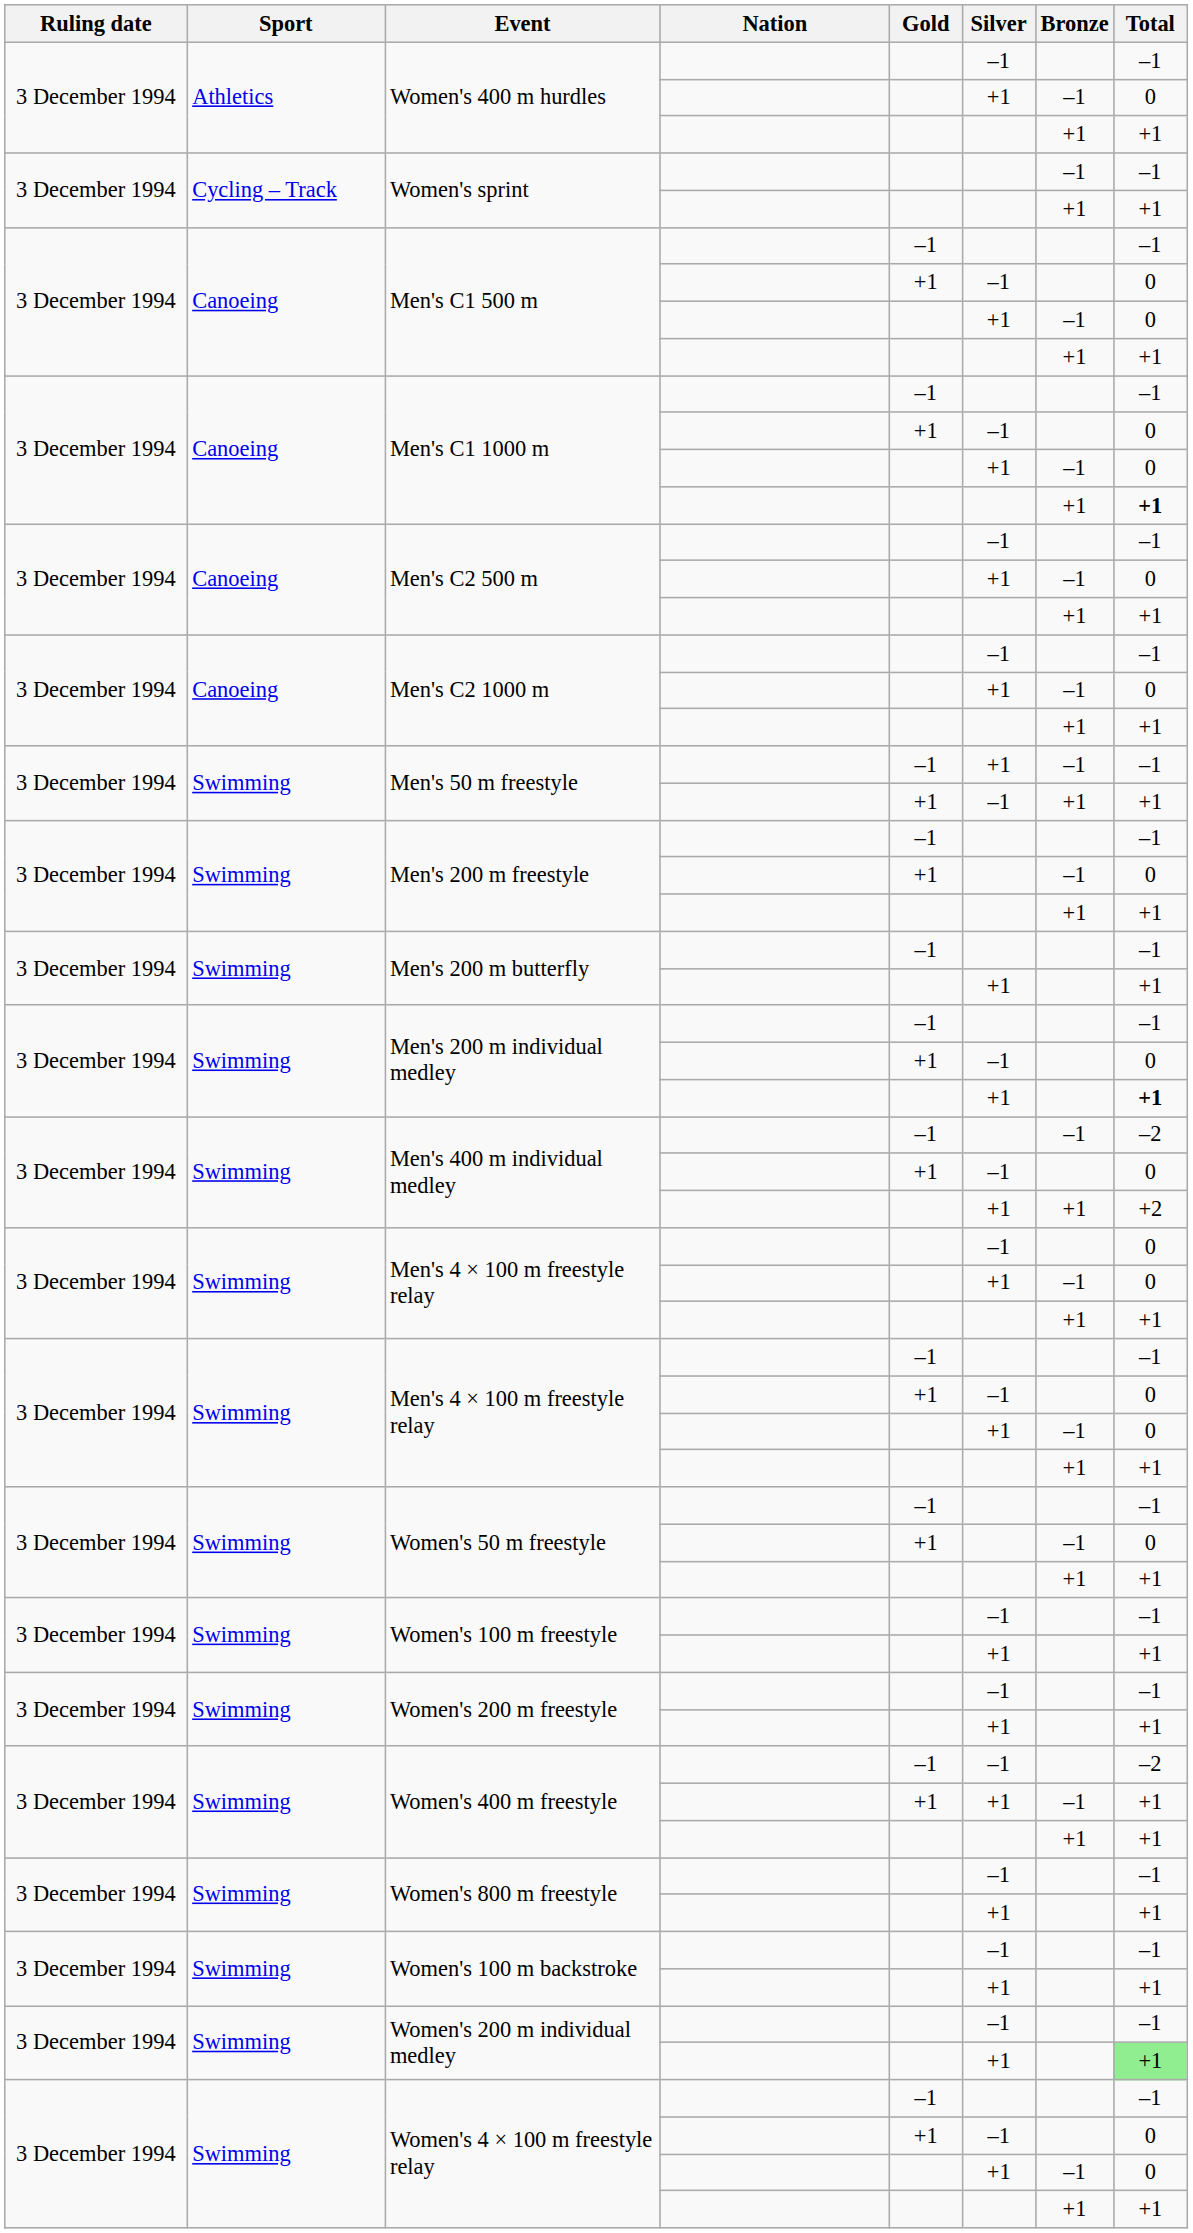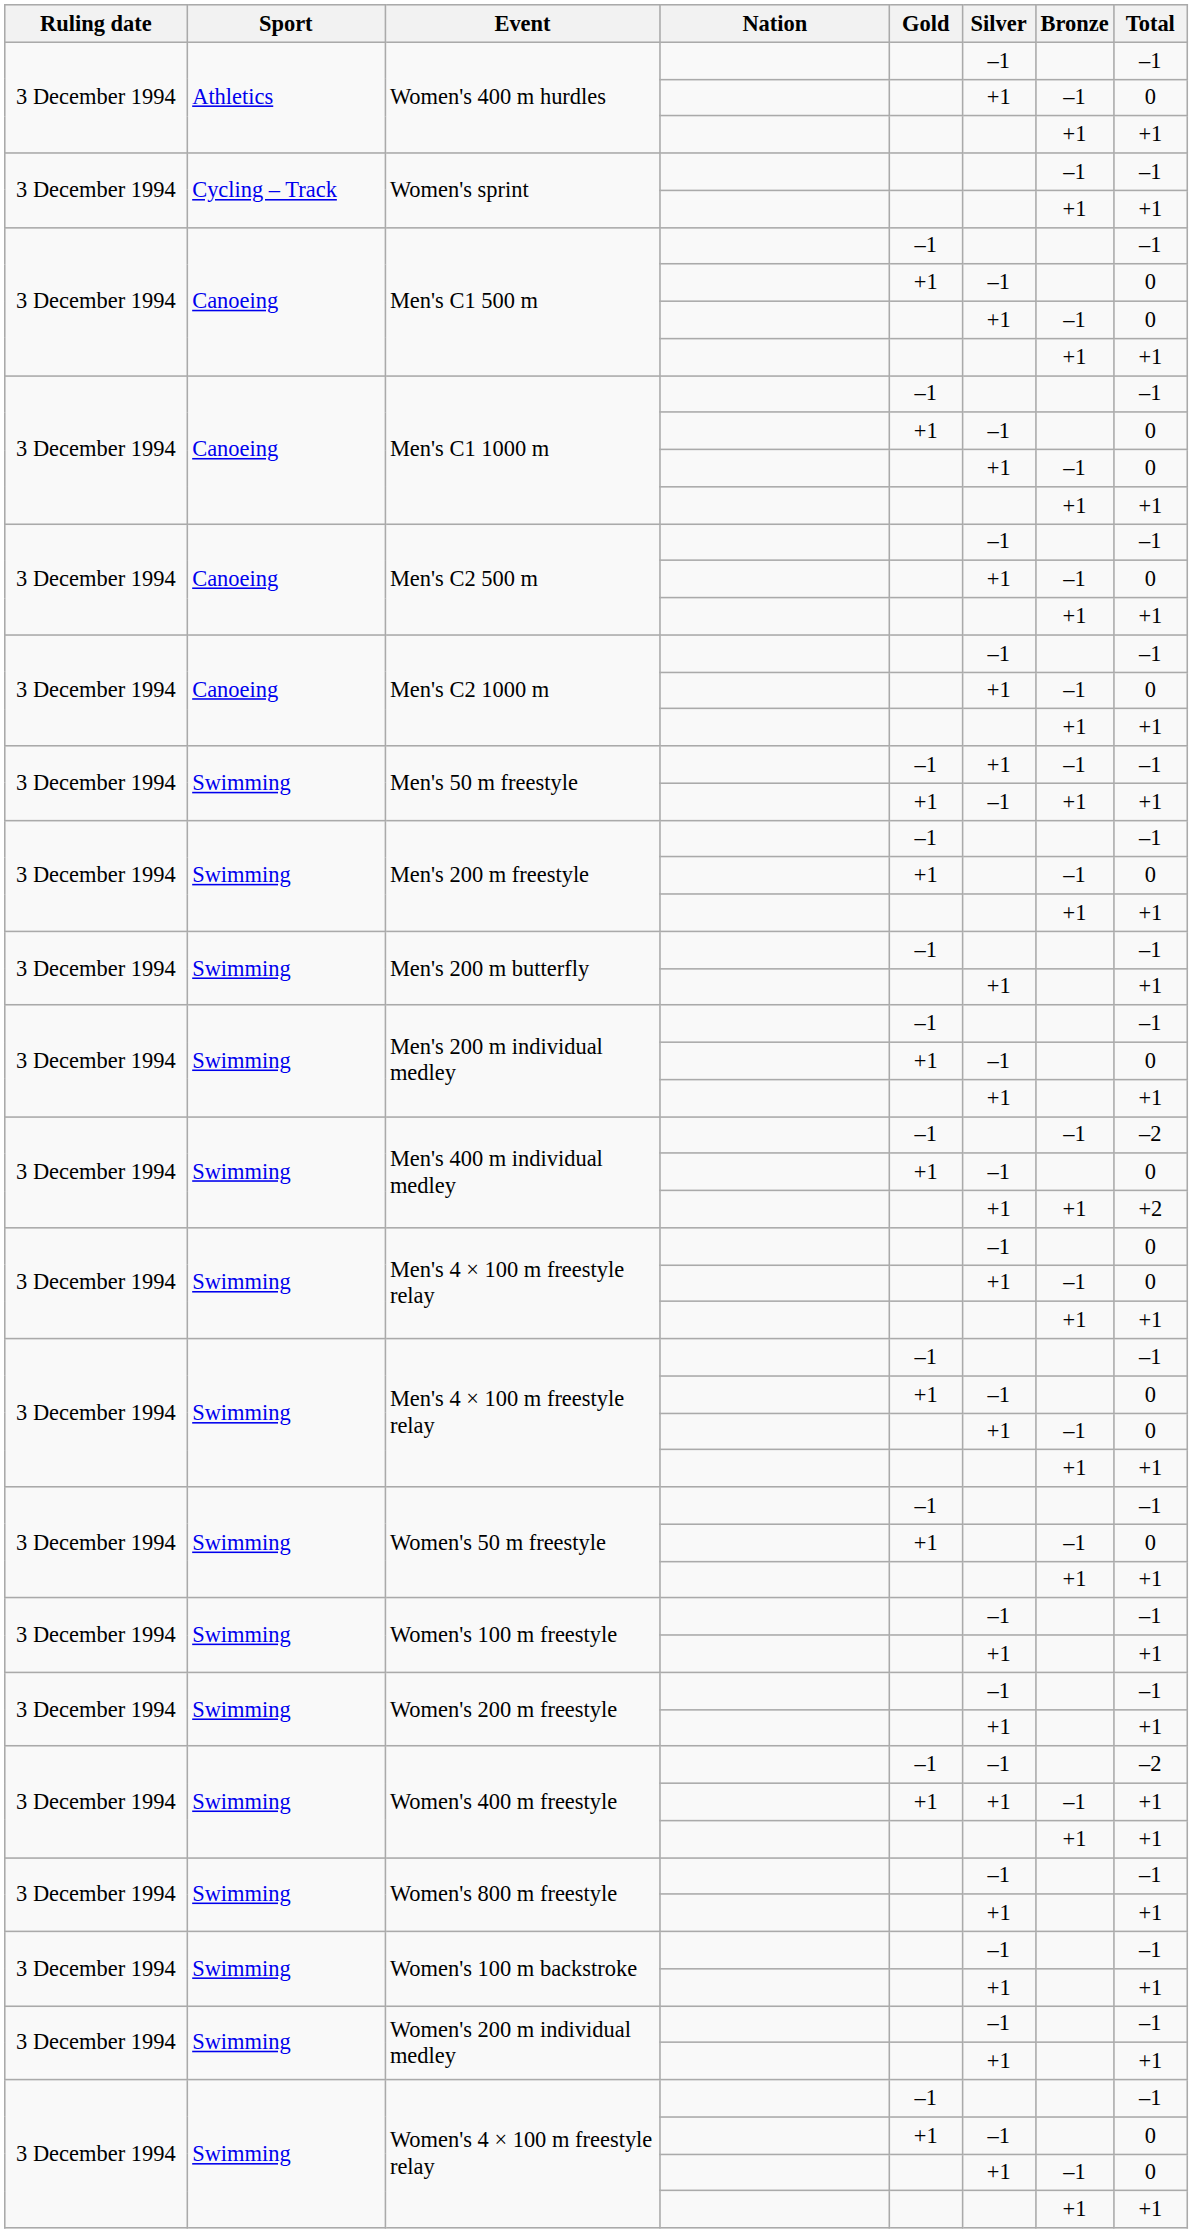 <table class="wikitable" style="text-align:center; font-size:90%;">
 <tr>
 <th scope="col" width="110">Ruling date</th>
 <th scope="col" width="120">Sport</th>
 <th scope="col" width="170">Event</th>
 <th scope="col" width="140">Nation</th>
 <th scope="col" width="40">Gold</th>
 <th scope="col" width="40">Silver</th>
 <th scope="col" width="40">Bronze</th>
 <th scope="col" width="40">Total</th>
 </tr>
 <tr>
 <td rowspan=3>3 December 1994</td>
 <td rowspan=3 align=left><a href='#'>Athletics</a></td>
 <td rowspan=3 align=left>Women's 400 m hurdles</td>
 <td align=left></td>
 <td></td>
 <td>–1</td>
 <td></td>
 <td>–1</td>
 </tr>
 <tr>
 <td align=left></td>
 <td></td>
 <td>+1</td>
 <td>–1</td>
 <td>0</td>
 </tr>
 <tr>
 <td align=left></td>
 <td></td>
 <td></td>
 <td>+1</td>
 <td>+1</td>
 </tr>
 <tr>
 <td rowspan=2>3 December 1994</td>
 <td rowspan=2 align=left><a href='#'>Cycling – Track</a></td>
 <td rowspan=2 align=left>Women's sprint</td>
 <td align=left></td>
 <td></td>
 <td></td>
 <td>–1</td>
 <td>–1</td>
 </tr>
 <tr>
 <td align=left></td>
 <td></td>
 <td></td>
 <td>+1</td>
 <td>+1</td>
 </tr>
 <tr>
 <td rowspan=4>3 December 1994</td>
 <td rowspan=4 align=left><a href='#'>Canoeing</a></td>
 <td rowspan=4 align=left>Men's C1 500 m</td>
 <td align=left></td>
 <td>–1</td>
 <td></td>
 <td></td>
 <td>–1</td>
 </tr>
 <tr>
 <td align=left></td>
 <td>+1</td>
 <td>–1</td>
 <td></td>
 <td>0</td>
 </tr>
 <tr>
 <td align=left></td>
 <td></td>
 <td>+1</td>
 <td>–1</td>
 <td>0</td>
 </tr>
 <tr>
 <td align=left></td>
 <td></td>
 <td></td>
 <td>+1</td>
 <td>+1</td>
 </tr>
 <tr>
 <td rowspan=4>3 December 1994</td>
 <td rowspan=4 align=left><a href='#'>Canoeing</a></td>
 <td rowspan=4 align=left>Men's C1 1000 m</td>
 <td align=left></td>
 <td>–1</td>
 <td></td>
 <td></td>
 <td>–1</td>
 </tr>
 <tr>
 <td align=left></td>
 <td>+1</td>
 <td>–1</td>
 <td></td>
 <td>0</td>
 </tr>
 <tr>
 <td align=left></td>
 <td></td>
 <td>+1</td>
 <td>–1</td>
 <td>0</td>
 </tr>
 <tr>
 <td align=left></td>
 <td></td>
 <td></td>
 <td>+1</td>
-<td><strong>+1</strong></td>
+<td>+1</td>
 </tr>
 <tr>
 <td rowspan=3>3 December 1994</td>
 <td rowspan=3 align=left><a href='#'>Canoeing</a></td>
 <td rowspan=3 align=left>Men's C2 500 m</td>
 <td align=left></td>
 <td></td>
 <td>–1</td>
 <td></td>
 <td>–1</td>
 </tr>
 <tr>
 <td align=left></td>
 <td></td>
 <td>+1</td>
 <td>–1</td>
 <td>0</td>
 </tr>
 <tr>
 <td align=left></td>
 <td></td>
 <td></td>
 <td>+1</td>
 <td>+1</td>
 </tr>
 <tr>
 <td rowspan=3>3 December 1994</td>
 <td rowspan=3 align=left><a href='#'>Canoeing</a></td>
 <td rowspan=3 align=left>Men's C2 1000 m</td>
 <td align=left></td>
 <td></td>
 <td>–1</td>
 <td></td>
 <td>–1</td>
 </tr>
 <tr>
 <td align=left></td>
 <td></td>
 <td>+1</td>
 <td>–1</td>
 <td>0</td>
 </tr>
 <tr>
 <td align=left></td>
 <td></td>
 <td></td>
 <td>+1</td>
 <td>+1</td>
 </tr>
 <tr>
 <td rowspan=2>3 December 1994</td>
 <td rowspan=2 align=left><a href='#'>Swimming</a></td>
 <td rowspan=2 align=left>Men's 50 m freestyle</td>
 <td align=left></td>
 <td>–1</td>
 <td>+1</td>
 <td>–1</td>
 <td>–1</td>
 </tr>
 <tr>
 <td align=left></td>
 <td>+1</td>
 <td>–1</td>
 <td>+1</td>
 <td>+1</td>
 </tr>
 <tr>
 <td rowspan=3>3 December 1994</td>
 <td rowspan=3 align=left><a href='#'>Swimming</a></td>
 <td rowspan=3 align=left>Men's 200 m freestyle</td>
 <td align=left></td>
 <td>–1</td>
 <td></td>
 <td></td>
 <td>–1</td>
 </tr>
 <tr>
 <td align=left></td>
 <td>+1</td>
 <td></td>
 <td>–1</td>
 <td>0</td>
 </tr>
 <tr>
 <td align=left></td>
 <td></td>
 <td></td>
 <td>+1</td>
 <td>+1</td>
 </tr>
 <tr>
 <td rowspan=2>3 December 1994</td>
 <td rowspan=2 align=left><a href='#'>Swimming</a></td>
 <td rowspan=2 align=left>Men's 200 m butterfly</td>
 <td align=left></td>
 <td>–1</td>
 <td></td>
 <td></td>
 <td>–1</td>
 </tr>
 <tr>
 <td align=left></td>
 <td></td>
 <td>+1</td>
 <td></td>
 <td>+1</td>
 </tr>
 <tr>
 <td rowspan=3>3 December 1994</td>
 <td rowspan=3 align=left><a href='#'>Swimming</a></td>
 <td rowspan=3 align=left>Men's 200 m individual medley</td>
 <td align=left></td>
 <td>–1</td>
 <td></td>
 <td></td>
 <td>–1</td>
 </tr>
 <tr>
 <td align=left></td>
 <td>+1</td>
 <td>–1</td>
 <td></td>
 <td>0</td>
 </tr>
 <tr>
 <td align=left></td>
 <td></td>
 <td>+1</td>
 <td></td>
-<td><strong>+1</strong></td>
+<td>+1</td>
 </tr>
 <tr>
 <td rowspan=3>3 December 1994</td>
 <td rowspan=3 align=left><a href='#'>Swimming</a></td>
 <td rowspan=3 align=left>Men's 400 m individual medley</td>
 <td align=left></td>
 <td>–1</td>
 <td></td>
 <td>–1</td>
 <td>–2</td>
 </tr>
 <tr>
 <td align=left></td>
 <td>+1</td>
 <td>–1</td>
 <td></td>
 <td>0</td>
 </tr>
 <tr>
 <td align=left></td>
 <td></td>
 <td>+1</td>
 <td>+1</td>
 <td>+2</td>
 </tr>
 <tr>
 <td rowspan=3>3 December 1994</td>
 <td rowspan=3 align=left><a href='#'>Swimming</a></td>
 <td rowspan=3 align=left>Men's  4 × 100 m freestyle relay</td>
 <td align=left></td>
 <td></td>
 <td>–1</td>
 <td></td>
 <td>0</td>
 </tr>
 <tr>
 <td align=left></td>
 <td></td>
 <td>+1</td>
 <td>–1</td>
 <td>0</td>
 </tr>
 <tr>
 <td align=left></td>
 <td></td>
 <td></td>
 <td>+1</td>
 <td>+1</td>
 </tr>
 <tr>
 <td rowspan=4>3 December 1994</td>
 <td rowspan=4 align=left><a href='#'>Swimming</a></td>
 <td rowspan=4 align=left>Men's 4 × 100 m freestyle relay</td>
 <td align=left></td>
 <td>–1</td>
 <td></td>
 <td></td>
 <td>–1</td>
 </tr>
 <tr>
 <td align=left></td>
 <td>+1</td>
 <td>–1</td>
 <td></td>
 <td>0</td>
 </tr>
 <tr>
 <td align=left></td>
 <td></td>
 <td>+1</td>
 <td>–1</td>
 <td>0</td>
 </tr>
 <tr>
 <td align=left></td>
 <td></td>
 <td></td>
 <td>+1</td>
 <td>+1</td>
 </tr>
 <tr>
 <td rowspan=3>3 December 1994</td>
 <td rowspan=3 align=left><a href='#'>Swimming</a></td>
 <td rowspan=3 align=left>Women's 50 m freestyle</td>
 <td align=left></td>
 <td>–1</td>
 <td></td>
 <td></td>
 <td>–1</td>
 </tr>
 <tr>
 <td align=left></td>
 <td>+1</td>
 <td></td>
 <td>–1</td>
 <td>0</td>
 </tr>
 <tr>
 <td align=left></td>
 <td></td>
 <td></td>
 <td>+1</td>
 <td>+1</td>
 </tr>
 <tr>
 <td rowspan=2>3 December 1994</td>
 <td rowspan=2 align=left><a href='#'>Swimming</a></td>
 <td rowspan=2 align=left>Women's 100 m freestyle</td>
 <td align=left></td>
 <td></td>
 <td>–1</td>
 <td></td>
 <td>–1</td>
 </tr>
 <tr>
 <td align=left></td>
 <td></td>
 <td>+1</td>
 <td></td>
 <td>+1</td>
 </tr>
 <tr>
 <td rowspan=2>3 December 1994</td>
 <td rowspan=2 align=left><a href='#'>Swimming</a></td>
 <td rowspan=2 align=left>Women's 200 m freestyle</td>
 <td align=left></td>
 <td></td>
 <td>–1</td>
 <td></td>
 <td>–1</td>
 </tr>
 <tr>
 <td align=left></td>
 <td></td>
 <td>+1</td>
 <td></td>
 <td>+1</td>
 </tr>
 <tr>
 <td rowspan=3>3 December 1994</td>
 <td rowspan=3 align=left><a href='#'>Swimming</a></td>
 <td rowspan=3 align=left>Women's 400 m freestyle</td>
 <td align=left></td>
 <td>–1</td>
 <td>–1</td>
 <td></td>
 <td>–2</td>
 </tr>
 <tr>
 <td align=left></td>
 <td>+1</td>
 <td>+1</td>
 <td>–1</td>
 <td>+1</td>
 </tr>
 <tr>
 <td align=left></td>
 <td></td>
 <td></td>
 <td>+1</td>
 <td>+1</td>
 </tr>
 <tr>
 <td rowspan=2>3 December 1994</td>
 <td rowspan=2 align=left><a href='#'>Swimming</a></td>
 <td rowspan=2 align=left>Women's 800 m freestyle</td>
 <td align=left></td>
 <td></td>
 <td>–1</td>
 <td></td>
 <td>–1</td>
 </tr>
 <tr>
 <td align=left></td>
 <td></td>
 <td>+1</td>
 <td></td>
 <td>+1</td>
 </tr>
 <tr>
 <td rowspan=2>3 December 1994</td>
 <td rowspan=2 align=left><a href='#'>Swimming</a></td>
 <td rowspan=2 align=left>Women's 100 m backstroke</td>
 <td align=left></td>
 <td></td>
 <td>–1</td>
 <td></td>
 <td>–1</td>
 </tr>
 <tr>
 <td align=left></td>
 <td></td>
 <td>+1</td>
 <td></td>
 <td>+1</td>
 </tr>
 <tr>
 <td rowspan=2>3 December 1994</td>
 <td rowspan=2 align=left><a href='#'>Swimming</a></td>
 <td rowspan=2 align=left>Women's 200 m individual medley</td>
 <td align=left></td>
 <td></td>
 <td>–1</td>
 <td></td>
 <td>–1</td>
 </tr>
 <tr>
 <td align=left></td>
 <td></td>
 <td>+1</td>
 <td></td>
-<td style="background: lightgreen;">+1</td>
+<td>+1</td>
 </tr>
 <tr>
 <td rowspan=4>3 December 1994</td>
 <td rowspan=4 align=left><a href='#'>Swimming</a></td>
 <td rowspan=4 align=left>Women's 4 × 100 m freestyle relay</td>
 <td align=left></td>
 <td>–1</td>
 <td></td>
 <td></td>
 <td>–1</td>
 </tr>
 <tr>
 <td align=left></td>
 <td>+1</td>
 <td>–1</td>
 <td></td>
 <td>0</td>
 </tr>
 <tr>
 <td align=left></td>
 <td></td>
 <td>+1</td>
 <td>–1</td>
 <td>0</td>
 </tr>
 <tr>
 <td align=left></td>
 <td></td>
 <td></td>
 <td>+1</td>
 <td>+1</td>
 </tr>
 </table>
